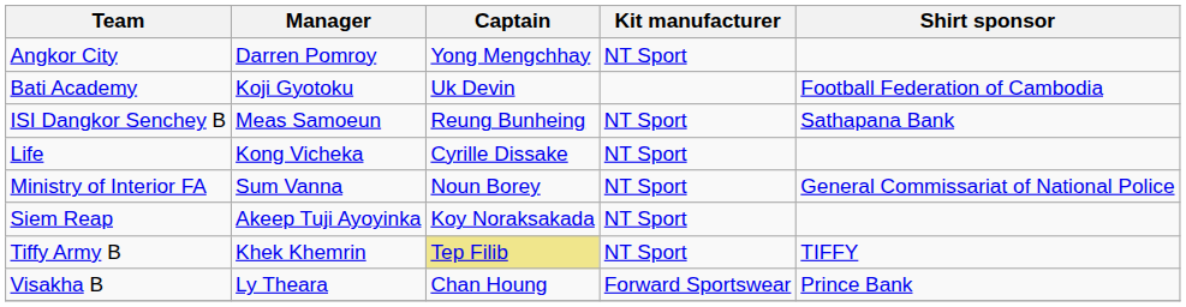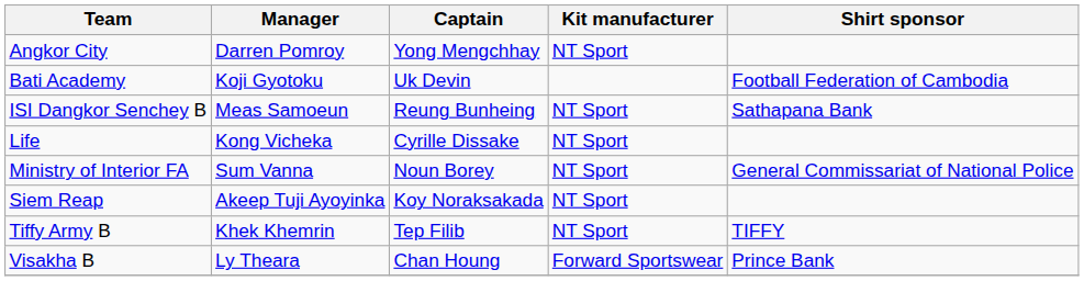 <table class="wikitable sortable" style="text-align: left;">
 <tr>
 <th>Team</th>
 <th>Manager</th>
 <th>Captain</th>
 <th>Kit manufacturer</th>
 <th>Shirt sponsor</th>
 </tr>
 <tr>
 <td><a href='#'>Angkor City</a></td>
 <td> <a href='#'>Darren Pomroy</a></td>
 <td> <a href='#'>Yong Mengchhay</a></td>
 <td> <a href='#'>NT Sport</a></td>
 <td></td>
 </tr>
 <tr>
 <td><a href='#'>Bati Academy</a></td>
 <td> <a href='#'>Koji Gyotoku</a></td>
 <td> <a href='#'>Uk Devin</a></td>
 <td></td>
 <td><a href='#'>Football Federation of Cambodia</a></td>
 </tr>
 <tr>
 <td><a href='#'>ISI Dangkor Senchey</a> B</td>
 <td> <a href='#'>Meas Samoeun</a></td>
 <td> <a href='#'>Reung Bunheing</a></td>
 <td> <a href='#'>NT Sport</a></td>
 <td><a href='#'>Sathapana Bank</a></td>
 </tr>
 <tr>
 <td><a href='#'>Life</a></td>
 <td> <a href='#'>Kong Vicheka</a></td>
 <td> <a href='#'>Cyrille Dissake</a></td>
 <td> <a href='#'>NT Sport</a></td>
 <td></td>
 </tr>
 <tr>
 <td><a href='#'>Ministry of Interior FA</a></td>
 <td> <a href='#'>Sum Vanna</a></td>
 <td> <a href='#'>Noun Borey</a></td>
 <td> <a href='#'>NT Sport</a></td>
 <td><a href='#'>General Commissariat of National Police</a></td>
 </tr>
 <tr>
 <td><a href='#'>Siem Reap</a></td>
 <td> <a href='#'>Akeep Tuji Ayoyinka</a></td>
 <td> <a href='#'>Koy Noraksakada</a></td>
 <td> <a href='#'>NT Sport</a></td>
 <td></td>
 </tr>
 <tr>
 <td><a href='#'>Tiffy Army</a> B</td>
 <td> <a href='#'>Khek Khemrin</a></td>
-<td style="background: khaki;"> <a href='#'>Tep Filib</a></td>
+<td> <a href='#'>Tep Filib</a></td>
 <td> <a href='#'>NT Sport</a></td>
 <td><a href='#'>TIFFY</a></td>
 </tr>
 <tr>
 <td><a href='#'>Visakha</a> B</td>
 <td> <a href='#'>Ly Theara</a></td>
 <td> <a href='#'>Chan Houng</a></td>
 <td> <a href='#'>Forward Sportswear</a></td>
 <td><a href='#'>Prince Bank</a></td>
 </tr>
 <tr>
 </tr>
 </table>
